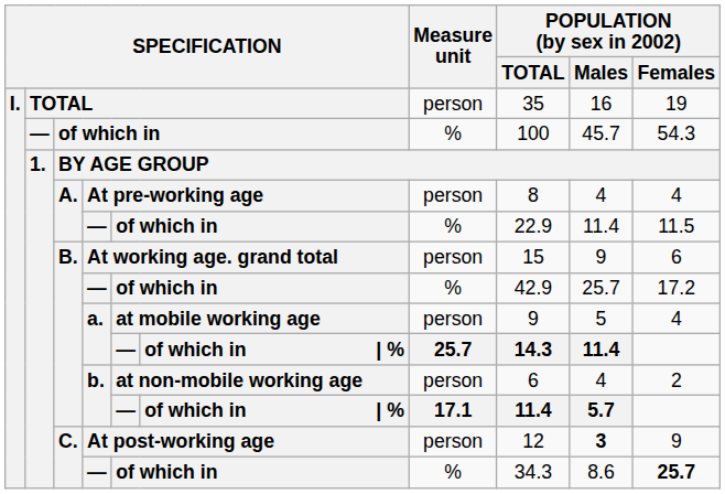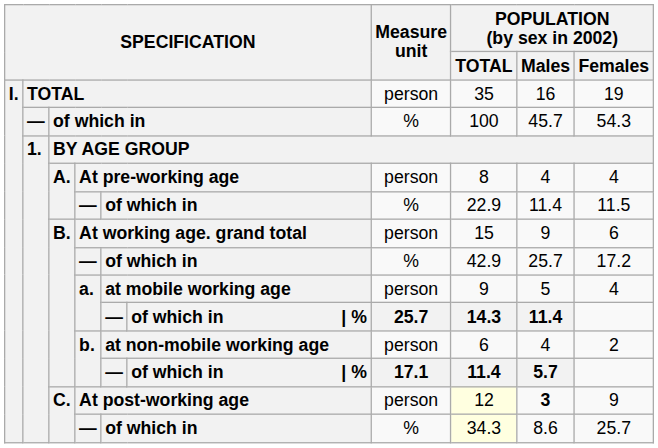 <table class="wikitable" style="font-size:85%; text-align:center">
 <tr>
 <th rowspan="2" colspan="6">SPECIFICATION</th>
 <th rowspan="2">Measure<br> unit</th>
 <th colspan="3" rowspan="1">POPULATION<br> (by sex in 2002)</th>
 </tr>
 <tr>
 <th>TOTAL</th>
 <th>Males</th>
 <th>Females</th>
 </tr>
 <tr>
 <th style="text-align:left" valign="top" rowspan="13">I.</th>
 <th style="text-align:left" colspan="5">TOTAL</th>
 <td>person</td>
 <td>35</td>
 <td>16</td>
 <td>19</td>
 </tr>
 <tr>
 <th style="text-align:left" valign="top">—</th>
 <th style="text-align:left" colspan="4">of which in</th>
 <td>%</td>
 <td>100</td>
 <td>45.7</td>
 <td>54.3</td>
 </tr>
 <tr>
 <th style="text-align:left" valign="top" rowspan="11">1.</th>
 <th style="text-align:left" colspan="19">BY AGE GROUP</th>
 </tr>
 <tr>
 <th style="text-align:left" valign="top" rowspan="2">A.</th>
 <th style="text-align:left" colspan="3">At pre-working age</th>
 <td>person</td>
 <td>8</td>
 <td>4</td>
 <td>4</td>
 </tr>
 <tr>
 <th style="text-align:left" valign="top">—</th>
 <th style="text-align:left" valign="top" colspan="2">of which in</th>
 <td>%</td>
 <td>22.9</td>
 <td>11.4</td>
 <td>11.5</td>
 </tr>
 <tr>
 <th style="text-align:left" valign="top" rowspan="6">B.</th>
 <th style="text-align:left" colspan="3">At working age. grand total</th>
 <td>person</td>
 <td>15</td>
 <td>9</td>
 <td>6</td>
 </tr>
 <tr>
 <th style="text-align:left" valign="top">—</th>
 <th style="text-align:left" valign="top" colspan="2">of which in</th>
 <td>%</td>
 <td>42.9</td>
 <td>25.7</td>
 <td>17.2</td>
 </tr>
 <tr>
 <th style="text-align:left" valign="top" rowspan="2">a.</th>
 <th style="text-align:left" colspan="2">at mobile working age</th>
 <td>person</td>
 <td>9</td>
 <td>5</td>
 <td>4</td>
 </tr>
 <tr>
 <th style="text-align:left" valign="top">—</th>
 <th style="text-align:left" valign="top" colspan="1">of which in                        | %</th>
 <th>25.7</th>
 <th>14.3</th>
 <th>11.4</th>
 </tr>
 <tr>
 <th style="text-align:left" valign="top" rowspan="2">b.</th>
 <th style="text-align:left" colspan="2">at non-mobile working age</th>
 <td>person</td>
 <td>6</td>
 <td>4</td>
 <td>2</td>
 </tr>
 <tr>
 <th style="text-align:left" valign="top">—</th>
 <th style="text-align:left" valign="top" colspan="1">of which in                        | %</th>
 <th>17.1</th>
 <th>11.4</th>
 <th>5.7</th>
 </tr>
 <tr>
 <th style="text-align:left" valign="top" rowspan="2">C.</th>
 <th style="text-align:left" colspan="3">At post-working age</th>
 <td>person</td>
-<td>12</td>
+<td style="background: lightyellow;">12</td>
 <td><strong>3</strong></td>
 <td>9</td>
 </tr>
 <tr>
 <th style="text-align:left" valign="top">—</th>
 <th style="text-align:left" valign="top" colspan="2">of which in</th>
 <td>%</td>
-<td>34.3</td>
+<td style="background: lightyellow;">34.3</td>
 <td>8.6</td>
-<td><strong>25.7</strong></td>
+<td>25.7</td>
 </tr>
 </table>
